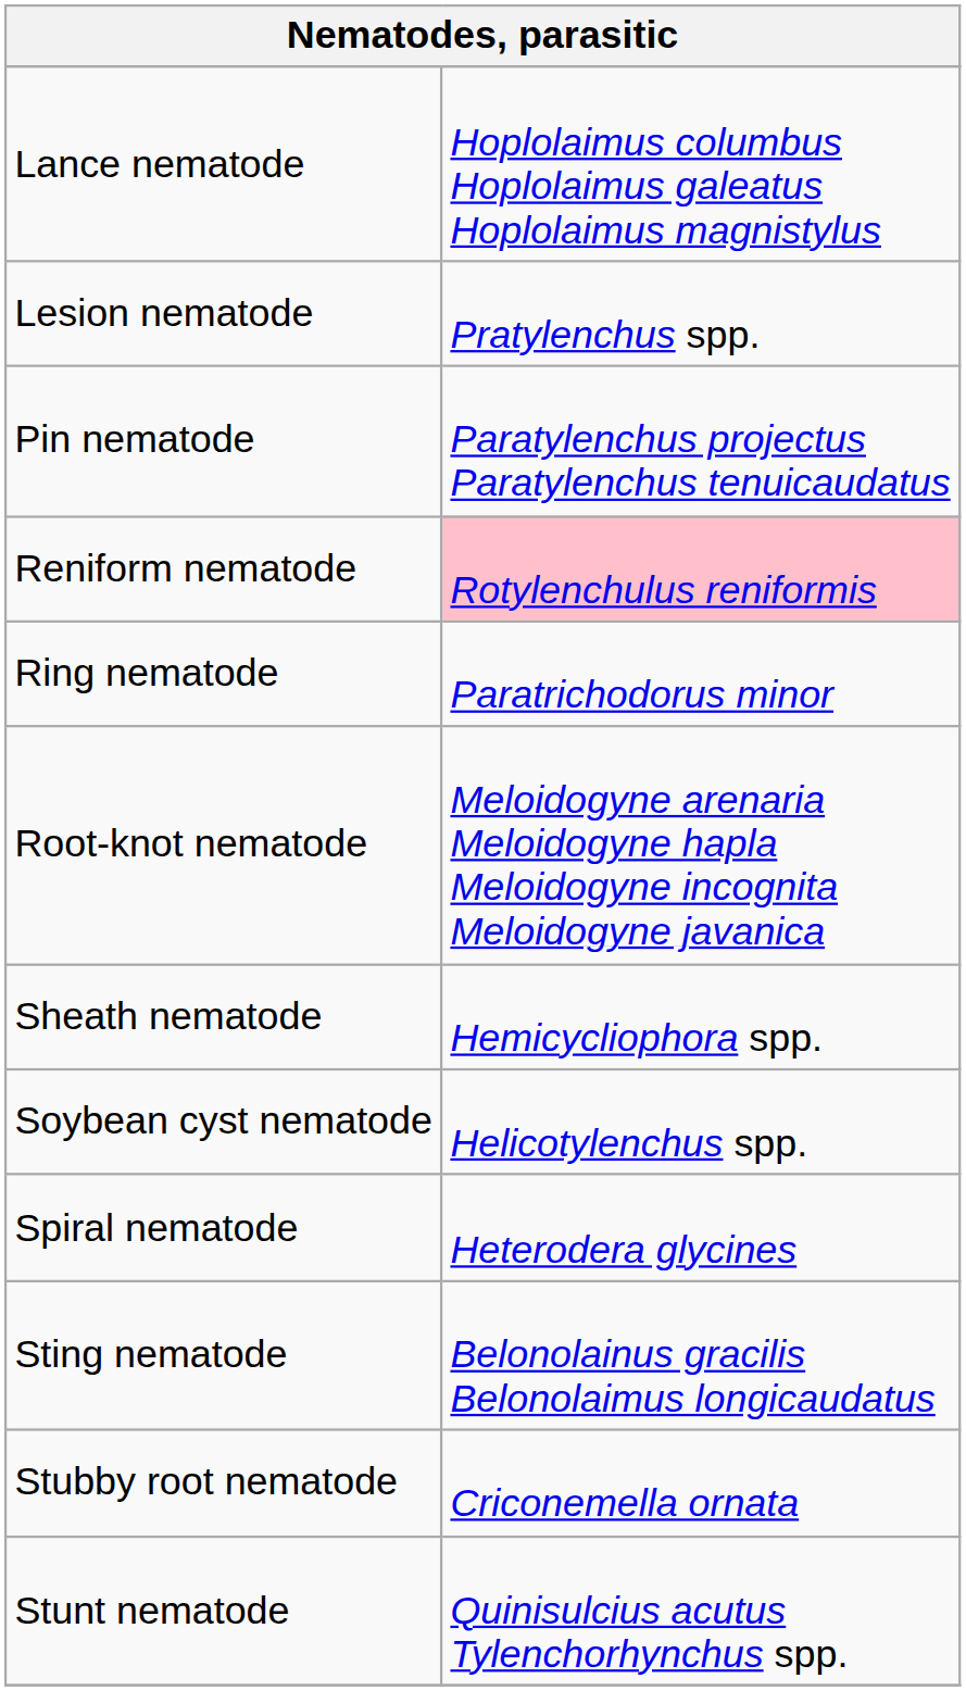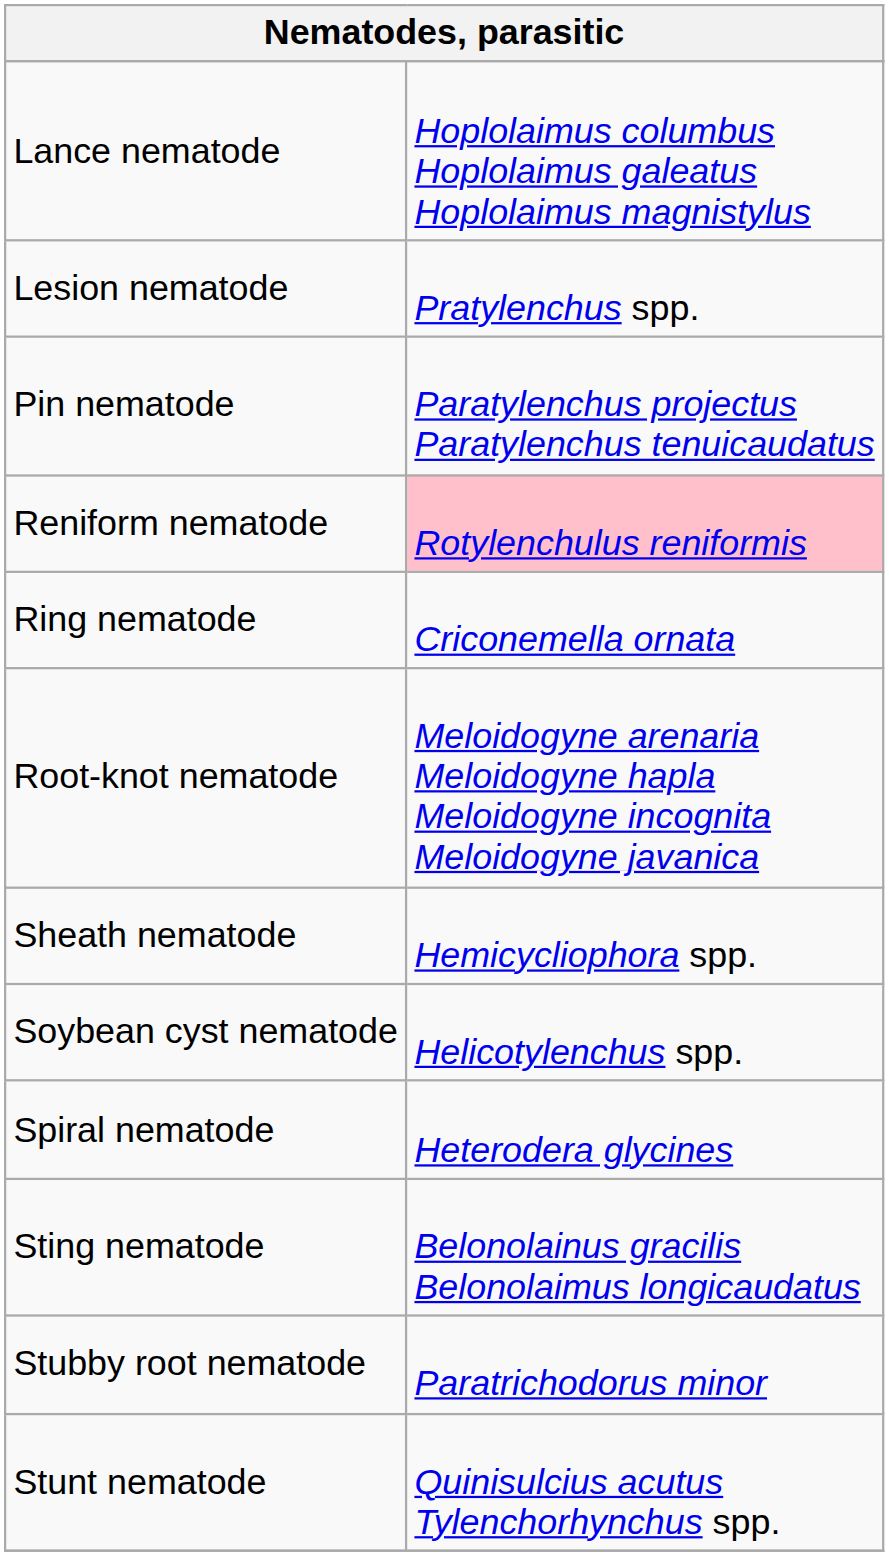 <table class="wikitable" style="clear">
 <tr>
 <th colspan=2><strong>Nematodes, parasitic</strong></th>
 </tr>
 <tr>
 </tr>
 <tr>
 <td>Lance nematode</td>
 <td><br><em><a href='#'>Hoplolaimus columbus</a></em><br> <em><a href='#'>Hoplolaimus galeatus</a></em><br> <em><a href='#'>Hoplolaimus magnistylus</a></em></td>
 </tr>
 <tr>
 <td>Lesion nematode</td>
 <td><br><em><a href='#'>Pratylenchus</a></em> spp.</td>
 </tr>
 <tr>
 <td>Pin nematode</td>
 <td><br><em><a href='#'>Paratylenchus projectus</a></em><br> <em><a href='#'>Paratylenchus tenuicaudatus</a></em></td>
 </tr>
 <tr>
 <td>Reniform nematode</td>
 <td style="background: pink;"><br><em><a href='#'>Rotylenchulus reniformis</a></em></td>
 </tr>
 <tr>
 <td>Ring nematode</td>
-<td><br><em><a href='#'>Paratrichodorus minor</a></em></td>
+<td><br><em><a href='#'>Criconemella ornata</a></em></td>
 </tr>
 <tr>
 <td>Root-knot nematode</td>
 <td><br><em><a href='#'>Meloidogyne arenaria</a></em><br> <em><a href='#'>Meloidogyne hapla</a></em><br> <em><a href='#'>Meloidogyne incognita</a></em><br> <em><a href='#'>Meloidogyne javanica</a></em></td>
 </tr>
 <tr>
 <td>Sheath nematode</td>
 <td><br><em><a href='#'>Hemicycliophora</a></em> spp.</td>
 </tr>
 <tr>
 <td>Soybean cyst nematode</td>
 <td><br><em><a href='#'>Helicotylenchus</a></em> spp.</td>
 </tr>
 <tr>
 <td>Spiral nematode</td>
 <td><br><em><a href='#'>Heterodera glycines</a></em></td>
 </tr>
 <tr>
 <td>Sting nematode</td>
 <td><br><em><a href='#'>Belonolainus gracilis</a></em><br> <em><a href='#'>Belonolaimus longicaudatus</a></em></td>
 </tr>
 <tr>
 <td>Stubby root nematode</td>
-<td><br><em><a href='#'>Criconemella ornata</a></em></td>
+<td><br><em><a href='#'>Paratrichodorus minor</a></em></td>
 </tr>
 <tr>
 <td>Stunt nematode</td>
 <td><br><em><a href='#'>Quinisulcius acutus</a></em><br> <em><a href='#'>Tylenchorhynchus</a></em> spp.</td>
 </tr>
 <tr>
 </tr>
 </table>
